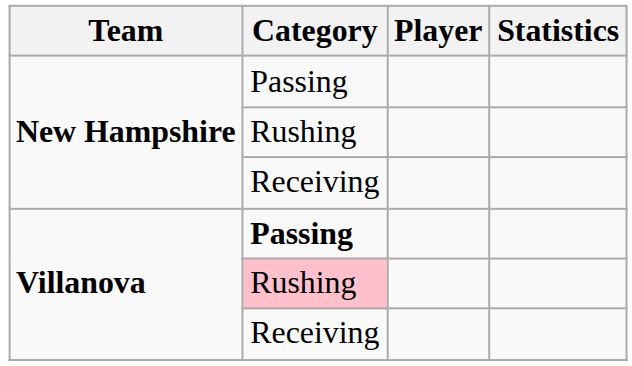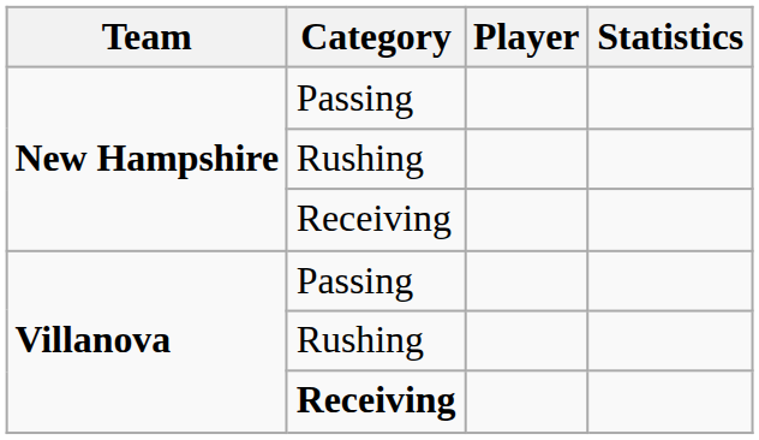 <table class="wikitable" style="float: right;">
 <tr>
 <th>Team</th>
 <th>Category</th>
 <th>Player</th>
 <th>Statistics</th>
 </tr>
 <tr>
 <td rowspan=3><strong>New Hampshire</strong></td>
 <td>Passing</td>
 <td></td>
 <td></td>
 </tr>
 <tr>
 <td>Rushing</td>
 <td></td>
 <td></td>
 </tr>
 <tr>
 <td>Receiving</td>
 <td></td>
 <td></td>
 </tr>
 <tr>
 <td rowspan=3><strong>Villanova</strong></td>
-<td><strong>Passing</strong></td>
+<td>Passing</td>
 <td></td>
 <td></td>
 </tr>
 <tr>
-<td style="background: pink;">Rushing</td>
+<td>Rushing</td>
 <td></td>
 <td></td>
 </tr>
 <tr>
-<td>Receiving</td>
+<td><strong>Receiving</strong></td>
 <td></td>
 <td></td>
 </tr>
 </table>
